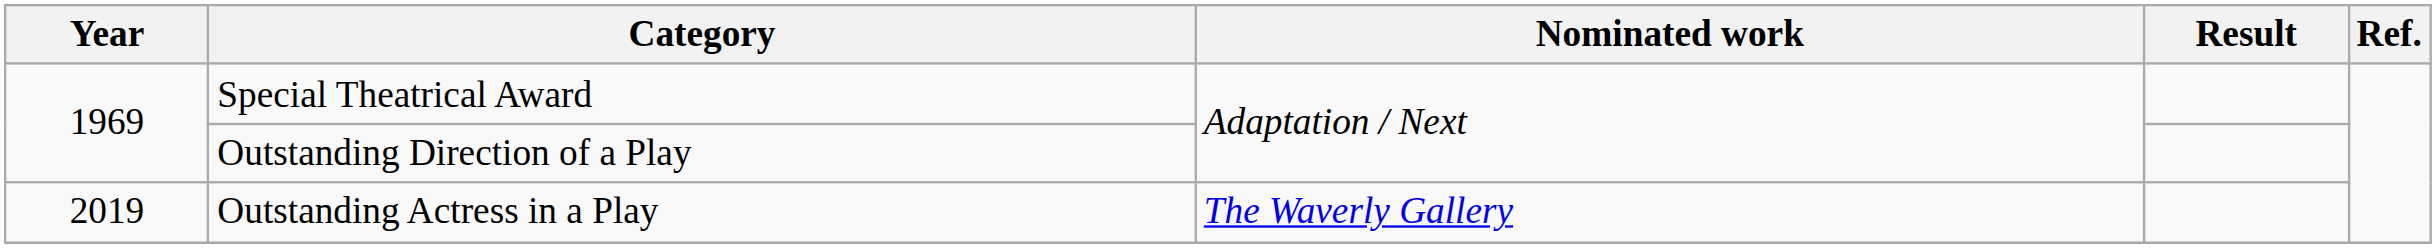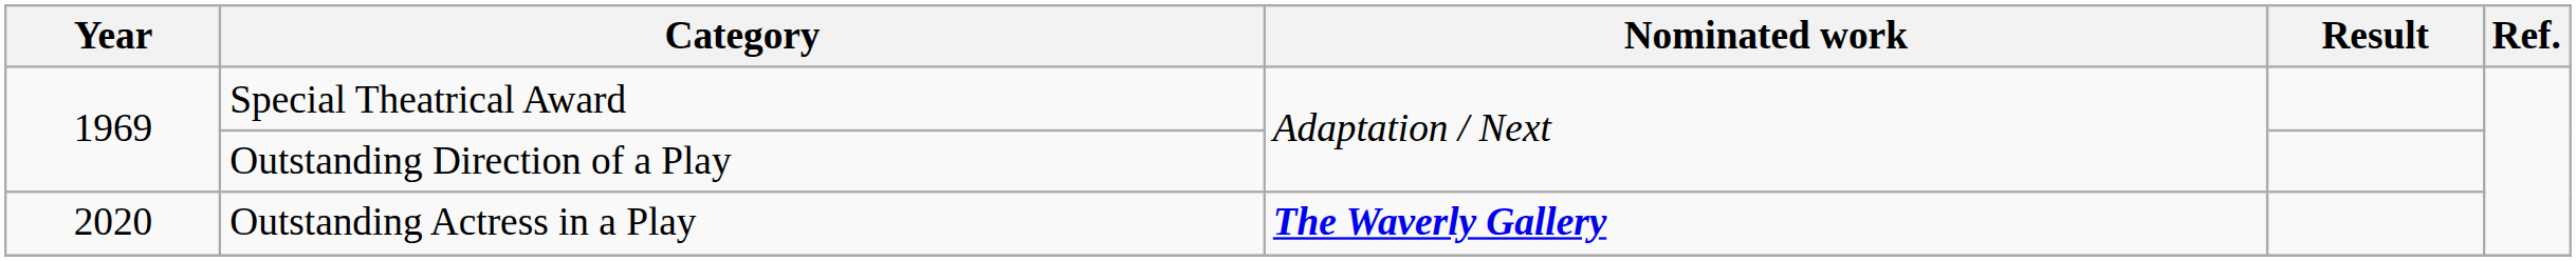 <table class=wikitable>
 <tr>
 <th scope="col" style="width:5em;">Year</th>
 <th scope="col" style="width:26em;">Category</th>
 <th scope="col" style="width:25em;">Nominated work</th>
 <th scope="col" style="width:5em;">Result</th>
 <th>Ref.</th>
 </tr>
 <tr>
 <td style="text-align:center;" rowspan="2">1969</td>
 <td>Special Theatrical Award</td>
 <td rowspan="2"><em>Adaptation / Next</em></td>
 <td></td>
 <td align="center" rowspan="3"></td>
 </tr>
 <tr>
 <td>Outstanding Direction of a Play</td>
 <td></td>
 </tr>
 <tr>
-<td style="text-align:center;">2019</td>
+<td style="text-align:center;">2020</td>
 <td>Outstanding Actress in a Play</td>
-<td><em><a href='#'>The Waverly Gallery</a></em></td>
+<td><strong><em><a href='#'>The Waverly Gallery</a></em></strong></td>
 <td></td>
 </tr>
 <tr>
 </tr>
 </table>
